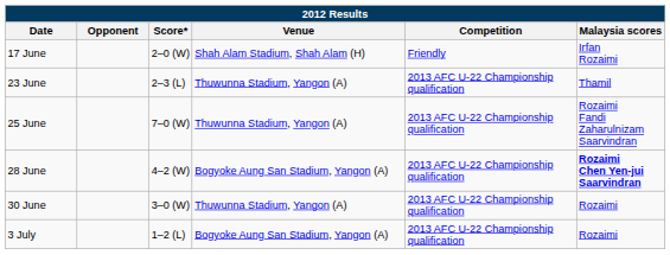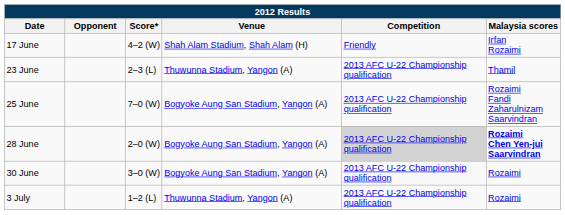 <table class="wikitable" width=100% style="text-align:left;font-size:90%;">
 <tr>
 <th colspan=9 style="background: #013A5E; color: #FFFFFF;">2012 Results</th>
 </tr>
 <tr>
 <th width=80>Date</th>
 <th width=80>Opponent</th>
 <th width=20>Score*</th>
 <th width=250>Venue</th>
 <th width=200>Competition</th>
 <th width=100>Malaysia scores</th>
 </tr>
 <tr>
 <td>17 June</td>
 <td></td>
-<td>2–0 (W)</td>
+<td>4–2 (W)</td>
 <td><a href='#'>Shah Alam Stadium</a>, <a href='#'>Shah Alam</a> (H)</td>
 <td><a href='#'>Friendly</a></td>
 <td><a href='#'>Irfan</a> <br><a href='#'>Rozaimi</a> </td>
 </tr>
 <tr>
 <td>23 June</td>
 <td></td>
 <td>2–3 (L)</td>
 <td><a href='#'>Thuwunna Stadium</a>, <a href='#'>Yangon</a> (A)</td>
 <td><a href='#'>2013 AFC U-22 Championship qualification</a></td>
 <td><a href='#'>Thamil</a> </td>
 </tr>
 <tr>
 <td>25 June</td>
 <td></td>
 <td>7–0 (W)</td>
-<td><a href='#'>Thuwunna Stadium</a>, <a href='#'>Yangon</a> (A)</td>
+<td><a href='#'>Bogyoke Aung San Stadium</a>, <a href='#'>Yangon</a> (A)</td>
 <td><a href='#'>2013 AFC U-22 Championship qualification</a></td>
 <td><a href='#'>Rozaimi</a> <br><a href='#'>Fandi</a> <br><a href='#'>Zaharulnizam</a> <br><a href='#'>Saarvindran</a> </td>
 </tr>
 <tr>
 <td>28 June</td>
 <td></td>
-<td>4–2 (W)</td>
+<td>2–0 (W)</td>
 <td><a href='#'>Bogyoke Aung San Stadium</a>, <a href='#'>Yangon</a> (A)</td>
-<td><a href='#'>2013 AFC U-22 Championship qualification</a></td>
+<td style="background: lightgrey;"><a href='#'>2013 AFC U-22 Championship qualification</a></td>
 <td><strong><a href='#'>Rozaimi</a> <br><a href='#'>Chen Yen-jui</a> <br><a href='#'>Saarvindran</a> </strong></td>
 </tr>
 <tr>
 <td>30 June</td>
 <td></td>
 <td>3–0 (W)</td>
-<td><a href='#'>Thuwunna Stadium</a>, <a href='#'>Yangon</a> (A)</td>
+<td><a href='#'>Bogyoke Aung San Stadium</a>, <a href='#'>Yangon</a> (A)</td>
 <td><a href='#'>2013 AFC U-22 Championship qualification</a></td>
 <td><a href='#'>Rozaimi</a> </td>
 </tr>
 <tr>
 <td>3 July</td>
 <td></td>
 <td>1–2 (L)</td>
-<td><a href='#'>Bogyoke Aung San Stadium</a>, <a href='#'>Yangon</a> (A)</td>
+<td><a href='#'>Thuwunna Stadium</a>, <a href='#'>Yangon</a> (A)</td>
 <td><a href='#'>2013 AFC U-22 Championship qualification</a></td>
 <td><a href='#'>Rozaimi</a> </td>
 </tr>
 </table>
